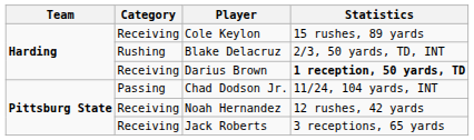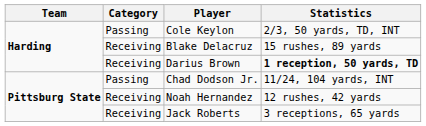 <table class="wikitable" style="float: right;">
 <tr>
 <th>Team</th>
 <th>Category</th>
 <th>Player</th>
 <th>Statistics</th>
 </tr>
 <tr>
 <td rowspan=3><strong>Harding</strong></td>
-<td>Receiving</td>
+<td>Passing</td>
 <td>Cole Keylon</td>
-<td>15 rushes, 89 yards</td>
+<td>2/3, 50 yards, TD, INT</td>
 </tr>
 <tr>
-<td>Rushing</td>
+<td>Receiving</td>
 <td>Blake Delacruz</td>
-<td>2/3, 50 yards, TD, INT</td>
+<td>15 rushes, 89 yards</td>
 </tr>
 <tr>
 <td>Receiving</td>
 <td>Darius Brown</td>
 <td><strong>1 reception, 50 yards, TD</strong></td>
 </tr>
 <tr>
 <td rowspan=3><strong>Pittsburg State</strong></td>
 <td>Passing</td>
 <td>Chad Dodson Jr.</td>
 <td>11/24, 104 yards, INT</td>
 </tr>
 <tr>
 <td>Receiving</td>
 <td>Noah Hernandez</td>
 <td>12 rushes, 42 yards</td>
 </tr>
 <tr>
 <td>Receiving</td>
 <td>Jack Roberts</td>
 <td>3 receptions, 65 yards</td>
 </tr>
 </table>
